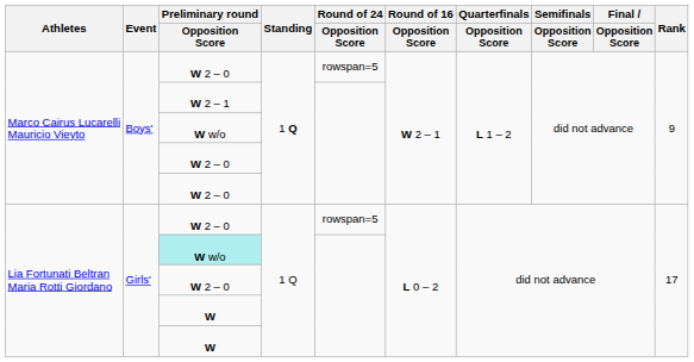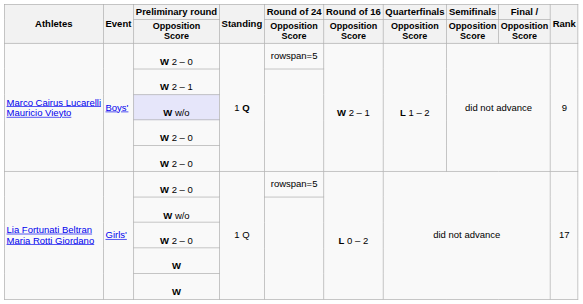 <table class=wikitable style="font-size:90%">
 <tr>
 <th rowspan="2">Athletes</th>
 <th rowspan="2">Event</th>
 <th>Preliminary round</th>
 <th rowspan="2">Standing</th>
 <th>Round of 24</th>
 <th>Round of 16</th>
 <th>Quarterfinals</th>
 <th>Semifinals</th>
 <th>Final / </th>
 <th rowspan=2>Rank</th>
 </tr>
 <tr style="font-size:95%">
 <th>Opposition<br>Score</th>
 <th>Opposition<br>Score</th>
 <th>Opposition<br>Score</th>
 <th>Opposition<br>Score</th>
 <th>Opposition<br>Score</th>
 <th>Opposition<br>Score</th>
 </tr>
 <tr align=center>
 <td align=left rowspan=5><a href='#'>Marco Cairus Lucarelli</a><br><a href='#'>Mauricio Vieyto</a></td>
 <td align=left rowspan=5><a href='#'>Boys'</a></td>
 <td><br><strong>W</strong> 2 – 0</td>
 <td rowspan=5>1 <strong>Q</strong></td>
 <td>rowspan=5 </td>
 <td rowspan=5><br><strong>W</strong> 2 – 1</td>
 <td rowspan=5><br><strong>L</strong> 1 – 2</td>
 <td rowspan=5 colspan=2>did not advance</td>
 <td rowspan=5>9</td>
 </tr>
 <tr align=center>
 <td><br><strong>W</strong> 2 – 1</td>
 </tr>
 <tr align=center>
-<td><br><strong>W</strong> w/o</td>
+<td style="background: lavender;"><br><strong>W</strong> w/o</td>
 </tr>
 <tr align=center>
 <td><br><strong>W</strong> 2 – 0</td>
 </tr>
 <tr align=center>
 <td><br><strong>W</strong> 2 – 0</td>
 </tr>
 <tr align=center>
 <td align=left rowspan=5><a href='#'>Lia Fortunati Beltran</a><br><a href='#'>Maria Rotti Giordano</a></td>
 <td align=left rowspan=5><a href='#'>Girls'</a></td>
 <td><br><strong>W</strong> 2 – 0</td>
 <td rowspan=5>1 Q</td>
 <td>rowspan=5 </td>
 <td rowspan=5><br><strong>L</strong> 0 – 2</td>
 <td rowspan=5 colspan=3>did not advance</td>
 <td rowspan=5>17</td>
 </tr>
 <tr align=center>
-<td style="background: paleturquoise;"><br><strong>W</strong> w/o</td>
+<td><br><strong>W</strong> w/o</td>
 </tr>
 <tr align=center>
 <td><br><strong>W</strong> 2 – 0</td>
 </tr>
 <tr align=center>
 <td><br><strong>W</strong></td>
 </tr>
 <tr align=center>
 <td><br><strong>W</strong></td>
 </tr>
 </table>
